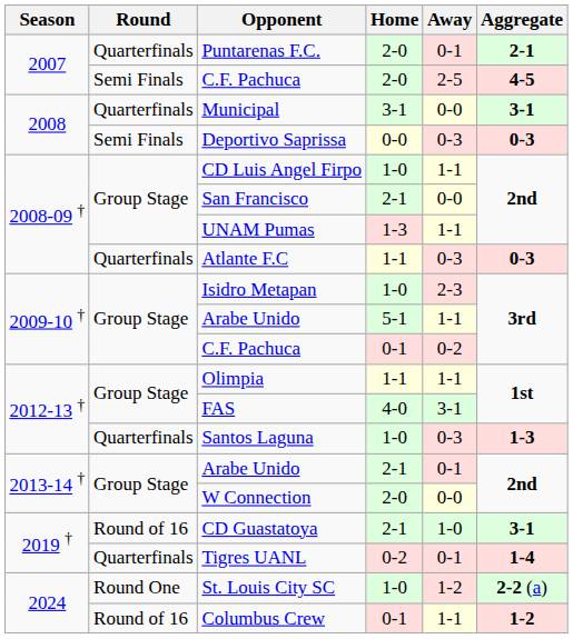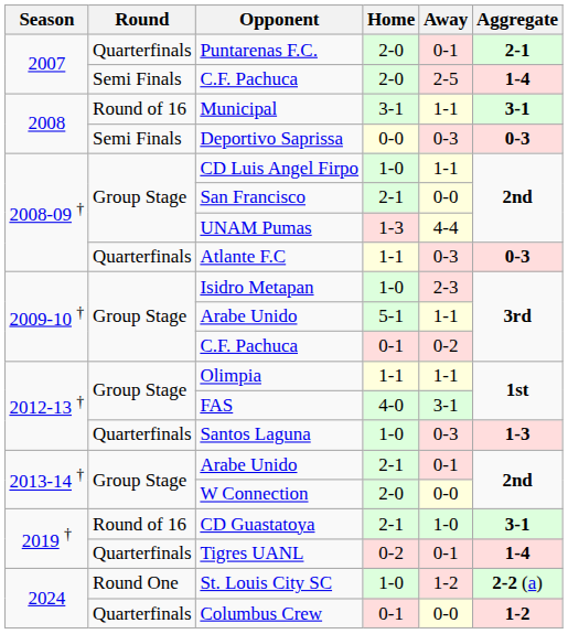 <table class="wikitable">
 <tr>
 <th>Season</th>
 <th>Round</th>
 <th>Opponent</th>
 <th>Home</th>
 <th>Away</th>
 <th>Aggregate</th>
 </tr>
 <tr>
 <td rowspan="2" style="text-align:center;"><a href='#'>2007</a></td>
 <td>Quarterfinals</td>
 <td> <a href='#'>Puntarenas F.C.</a></td>
 <td bgcolor="#ddffdd" style="text-align:center;">2-0</td>
 <td bgcolor="#ffdddd" style="text-align:center;">0-1</td>
 <td bgcolor="#ddffdd"style="text-align:center;"><strong>2-1</strong></td>
 </tr>
 <tr>
 <td>Semi Finals</td>
 <td> <a href='#'>C.F. Pachuca</a></td>
 <td bgcolor="#ddffdd"style="text-align:center;">2-0</td>
 <td bgcolor="#ffdddd" style="text-align:center;">2-5</td>
-<td bgcolor="#ffdddd" style="text-align:center;"><strong>4-5</strong></td>
+<td bgcolor="#ffdddd" style="text-align:center;"><strong>1-4</strong></td>
 </tr>
 <tr>
 <td rowspan="2" style="text-align:center;"><a href='#'>2008</a></td>
-<td>Quarterfinals</td>
+<td>Round of 16</td>
 <td> <a href='#'>Municipal</a></td>
 <td bgcolor="#ddffdd" style="text-align:center;">3-1</td>
-<td bgcolor="#ffffdd" style="text-align:center;">0-0</td>
+<td bgcolor="#ffffdd" style="text-align:center;">1-1</td>
 <td bgcolor="#ddffdd" style="text-align:center;"><strong>3-1</strong></td>
 </tr>
 <tr>
 <td>Semi Finals</td>
 <td> <a href='#'>Deportivo Saprissa</a></td>
 <td bgcolor="#ffffdd" style="text-align:center;">0-0</td>
 <td bgcolor="#ffdddd" style="text-align:center;">0-3</td>
 <td bgcolor="#ffdddd" style="text-align:center;"><strong>0-3</strong></td>
 </tr>
 <tr>
 <td rowspan="4"><a href='#'>2008-09</a> <sup>†</sup></td>
 <td rowspan="3">Group Stage</td>
 <td> <a href='#'>CD Luis Angel Firpo</a></td>
 <td bgcolor="#ddffdd" style="text-align:center;">1-0</td>
 <td bgcolor="#ffffdd" style="text-align:center;">1-1</td>
 <td rowspan="3" style="text-align:center;"><strong>2nd</strong></td>
 </tr>
 <tr>
 <td> <a href='#'>San Francisco</a></td>
 <td bgcolor="#ddffdd" style="text-align:center;">2-1</td>
 <td bgcolor="#ffffdd" style="text-align:center;">0-0</td>
 </tr>
 <tr>
 <td> <a href='#'>UNAM Pumas</a></td>
 <td bgcolor="#ffdddd" style="text-align:center;">1-3</td>
-<td bgcolor="#ffffdd" style="text-align:center;">1-1</td>
+<td bgcolor="#ffffdd" style="text-align:center;">4-4</td>
 </tr>
 <tr>
 <td>Quarterfinals</td>
 <td> <a href='#'>Atlante F.C</a></td>
 <td bgcolor="#ffffdd" style="text-align:center;">1-1</td>
 <td bgcolor="#ffdddd" style="text-align:center;">0-3</td>
 <td bgcolor="#ffdddd" style="text-align:center;"><strong>0-3</strong></td>
 </tr>
 <tr>
 <td rowspan="3"><a href='#'>2009-10</a> <sup>†</sup></td>
 <td rowspan="3">Group Stage</td>
 <td> <a href='#'>Isidro Metapan</a></td>
 <td bgcolor="#ddffdd" style="text-align:center;">1-0</td>
 <td bgcolor="#ffdddd" style="text-align:center;">2-3</td>
 <td rowspan="3" style="text-align:center;"><strong>3rd</strong></td>
 </tr>
 <tr>
 <td> <a href='#'>Arabe Unido</a></td>
 <td bgcolor="#ddffdd" style="text-align:center;">5-1</td>
 <td bgcolor="#ffffdd" style="text-align:center;">1-1</td>
 </tr>
 <tr>
 <td> <a href='#'>C.F. Pachuca</a></td>
 <td bgcolor="#ffdddd" style="text-align:center;">0-1</td>
 <td bgcolor="#ffdddd" style="text-align:center;">0-2</td>
 </tr>
 <tr>
 <td rowspan="3"><a href='#'>2012-13</a> <sup>†</sup></td>
 <td rowspan="2">Group Stage</td>
 <td> <a href='#'>Olimpia</a></td>
 <td bgcolor="#ffffdd" style="text-align:center;">1-1</td>
 <td bgcolor="#ffffdd" style="text-align:center;">1-1</td>
 <td rowspan="2" style="text-align:center;"><strong>1st</strong></td>
 </tr>
 <tr>
 <td> <a href='#'>FAS</a></td>
 <td bgcolor="#ddffdd" style="text-align:center;">4-0</td>
 <td bgcolor="#ddffdd" style="text-align:center;">3-1</td>
 </tr>
 <tr>
 <td>Quarterfinals</td>
 <td> <a href='#'>Santos Laguna</a></td>
 <td bgcolor="#ddffdd" style="text-align:center;">1-0</td>
 <td bgcolor="#ffdddd" style="text-align:center;">0-3</td>
 <td bgcolor="#ffdddd" style="text-align:center;"><strong>1-3</strong></td>
 </tr>
 <tr>
 <td rowspan="2"><a href='#'>2013-14</a> <sup>†</sup></td>
 <td rowspan="2">Group Stage</td>
 <td> <a href='#'>Arabe Unido</a></td>
 <td bgcolor="#ddffdd" style="text-align:center;">2-1</td>
 <td bgcolor="#ffdddd" style="text-align:center;">0-1</td>
 <td rowspan="2" style="text-align:center;"><strong>2nd</strong></td>
 </tr>
 <tr>
 <td> <a href='#'>W Connection</a></td>
 <td bgcolor="#ddffdd" style="text-align:center;">2-0</td>
 <td bgcolor="#ffffdd" style="text-align:center;">0-0</td>
 </tr>
 <tr>
 <td rowspan="2" style="text-align:center;"><a href='#'>2019</a> <sup>†</sup></td>
 <td>Round of 16</td>
 <td> <a href='#'>CD Guastatoya</a></td>
 <td bgcolor="#ddffdd" style="text-align:center;">2-1</td>
 <td bgcolor="#ddffdd" style="text-align:center;">1-0</td>
 <td bgcolor="#ddffdd" style="text-align:center;"><strong>3-1</strong></td>
 </tr>
 <tr>
 <td>Quarterfinals</td>
 <td> <a href='#'>Tigres UANL</a></td>
 <td bgcolor="#ffdddd" style="text-align:center;">0-2</td>
 <td bgcolor="#ffdddd" style="text-align:center;">0-1</td>
 <td bgcolor="#ffdddd" style="text-align:center;"><strong>1-4</strong></td>
 </tr>
 <tr>
 <td rowspan="2" style="text-align:center;"><a href='#'>2024</a></td>
 <td>Round One</td>
 <td> <a href='#'>St. Louis City SC</a></td>
 <td bgcolor="#ddffdd" style="text-align:center;">1-0</td>
 <td bgcolor="#ffdddd" style="text-align:center;">1-2</td>
 <td bgcolor="#ddffdd" style="text-align:center;"><strong>2-2</strong> (<a href='#'>a</a>)</td>
 </tr>
 <tr>
-<td>Round of 16</td>
+<td>Quarterfinals</td>
 <td> <a href='#'>Columbus Crew</a></td>
 <td bgcolor="#ffdddd" style="text-align:center;">0-1</td>
-<td bgcolor="#ffffdd" style="text-align:center;">1-1</td>
+<td bgcolor="#ffffdd" style="text-align:center;">0-0</td>
 <td bgcolor="#ffdddd" style="text-align:center;"><strong>1-2</strong></td>
 </tr>
 </table>
